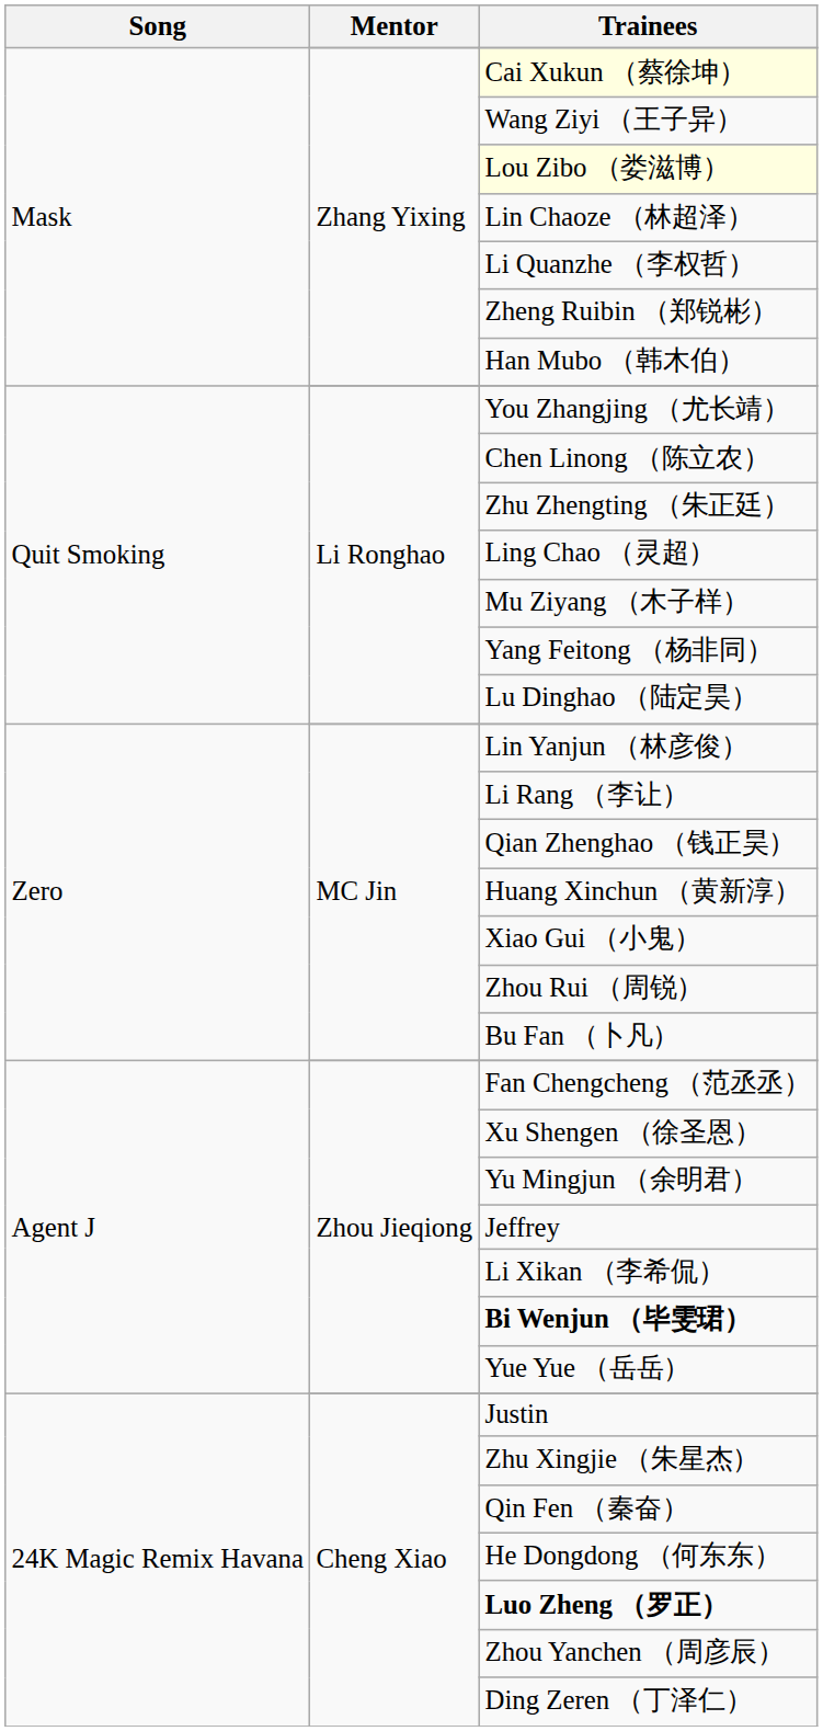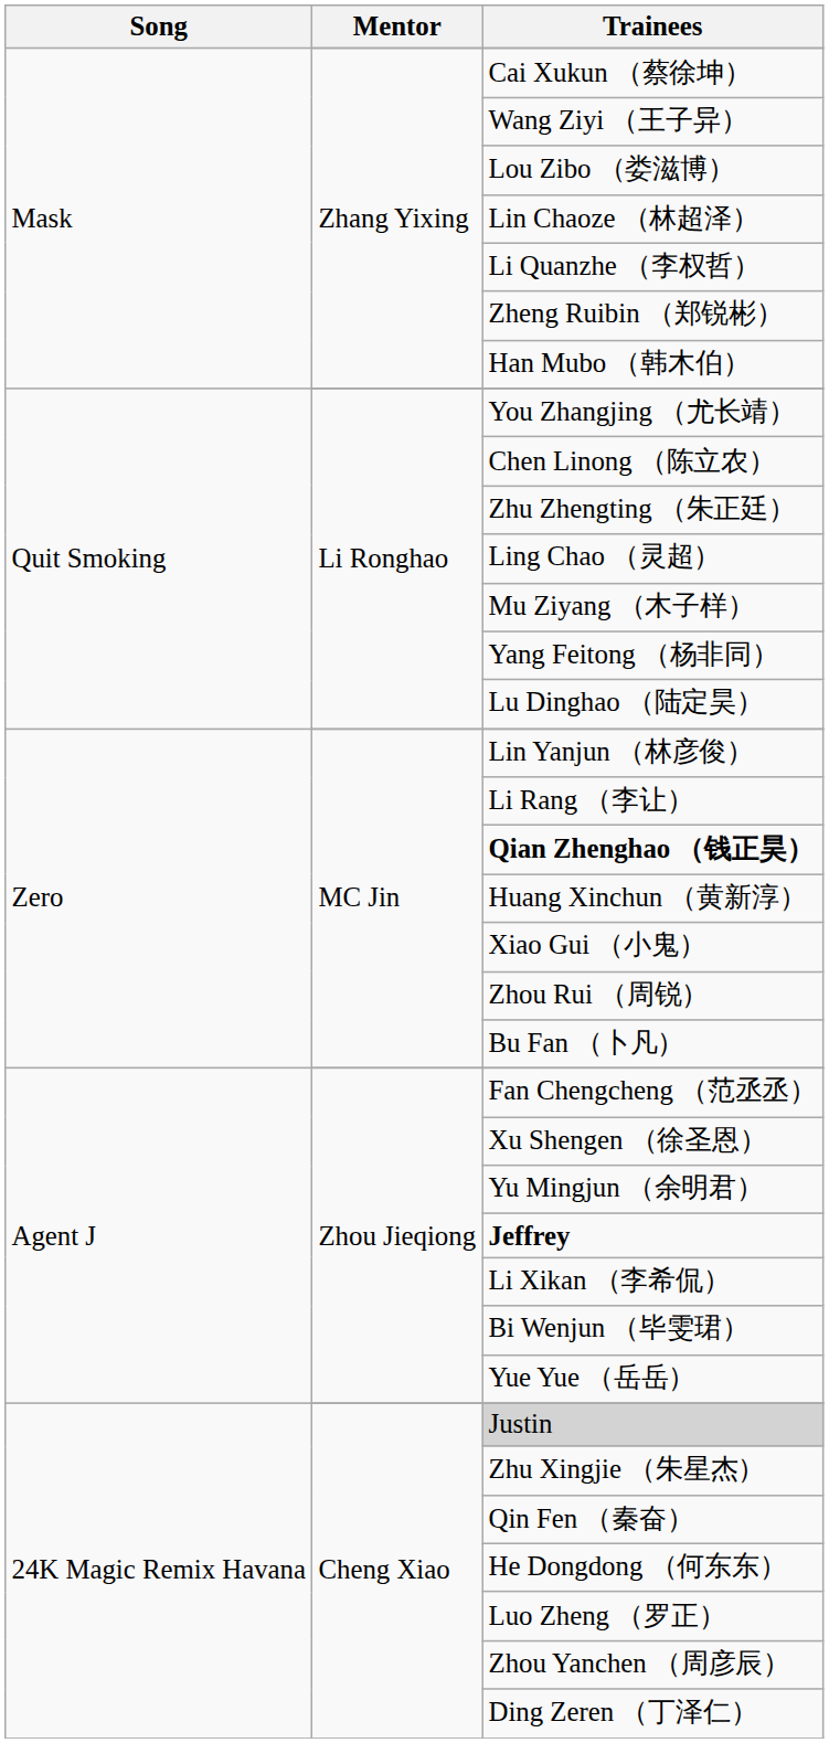 <table class="wikitable">
 <tr>
 <th>Song</th>
 <th>Mentor</th>
 <th>Trainees</th>
 </tr>
 <tr>
 <td rowspan="9">Mask</td>
 </tr>
 <tr>
 <td rowspan="8">Zhang Yixing</td>
 </tr>
 <tr>
-<td style="background: lightyellow;">Cai Xukun （蔡徐坤）</td>
+<td>Cai Xukun （蔡徐坤）</td>
 </tr>
 <tr>
 <td>Wang Ziyi （王子异）</td>
 </tr>
 <tr>
-<td style="background: lightyellow;">Lou Zibo （娄滋博）</td>
+<td>Lou Zibo （娄滋博）</td>
 </tr>
 <tr>
 <td>Lin Chaoze （林超泽）</td>
 </tr>
 <tr>
 <td>Li Quanzhe （李权哲）</td>
 </tr>
 <tr>
 <td>Zheng Ruibin （郑锐彬）</td>
 </tr>
 <tr>
 <td>Han Mubo （韩木伯）</td>
 </tr>
 <tr>
 <td rowspan="9">Quit Smoking</td>
 </tr>
 <tr>
 <td rowspan="8">Li Ronghao</td>
 </tr>
 <tr>
 <td>You Zhangjing （尤长靖）</td>
 </tr>
 <tr>
 <td>Chen Linong （陈立农）</td>
 </tr>
 <tr>
 <td>Zhu Zhengting （朱正廷）</td>
 </tr>
 <tr>
 <td>Ling Chao （灵超）</td>
 </tr>
 <tr>
 <td>Mu Ziyang （木子样）</td>
 </tr>
 <tr>
 <td>Yang Feitong （杨非同）</td>
 </tr>
 <tr>
 <td>Lu Dinghao （陆定昊）</td>
 </tr>
 <tr>
 <td rowspan="9">Zero</td>
 </tr>
 <tr>
 <td rowspan="8">MC Jin</td>
 </tr>
 <tr>
 <td>Lin Yanjun （林彦俊）</td>
 </tr>
 <tr>
 <td>Li Rang （李让）</td>
 </tr>
 <tr>
-<td>Qian Zhenghao （钱正昊）</td>
+<td><strong>Qian Zhenghao （钱正昊）</strong></td>
 </tr>
 <tr>
 <td>Huang Xinchun （黄新淳）</td>
 </tr>
 <tr>
 <td>Xiao Gui （小鬼）</td>
 </tr>
 <tr>
 <td>Zhou Rui （周锐）</td>
 </tr>
 <tr>
 <td>Bu Fan （卜凡）</td>
 </tr>
 <tr>
 <td rowspan="9">Agent J</td>
 </tr>
 <tr>
 <td rowspan="8">Zhou Jieqiong</td>
 </tr>
 <tr>
 <td>Fan Chengcheng （范丞丞）</td>
 </tr>
 <tr>
 <td>Xu Shengen （徐圣恩）</td>
 </tr>
 <tr>
 <td>Yu Mingjun （余明君）</td>
 </tr>
 <tr>
-<td>Jeffrey</td>
+<td><strong>Jeffrey</strong></td>
 </tr>
 <tr>
 <td>Li Xikan （李希侃）</td>
 </tr>
 <tr>
-<td><strong>Bi Wenjun （毕雯珺）</strong></td>
+<td>Bi Wenjun （毕雯珺）</td>
 </tr>
 <tr>
 <td>Yue Yue （岳岳）</td>
 </tr>
 <tr>
 <td rowspan="9">24K Magic Remix Havana</td>
 </tr>
 <tr>
 <td rowspan="8">Cheng Xiao</td>
 </tr>
 <tr>
-<td>Justin</td>
+<td style="background: lightgrey;">Justin</td>
 </tr>
 <tr>
 <td>Zhu Xingjie （朱星杰）</td>
 </tr>
 <tr>
 <td>Qin Fen （秦奋）</td>
 </tr>
 <tr>
 <td>He Dongdong （何东东）</td>
 </tr>
 <tr>
-<td><strong>Luo Zheng （罗正）</strong></td>
+<td>Luo Zheng （罗正）</td>
 </tr>
 <tr>
 <td>Zhou Yanchen （周彦辰）</td>
 </tr>
 <tr>
 <td>Ding Zeren （丁泽仁）</td>
 </tr>
 </table>
